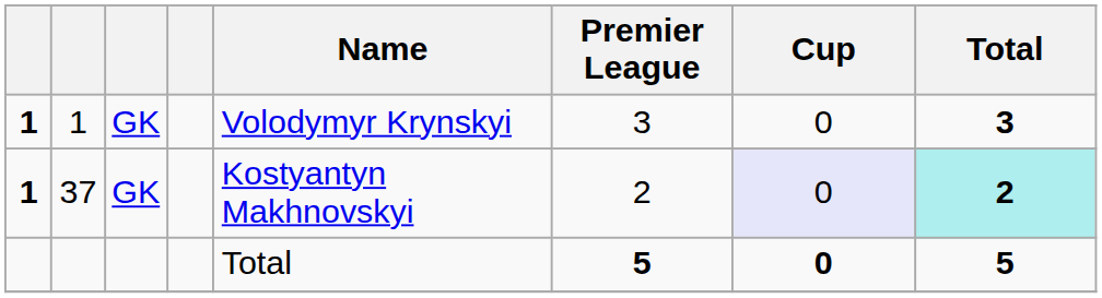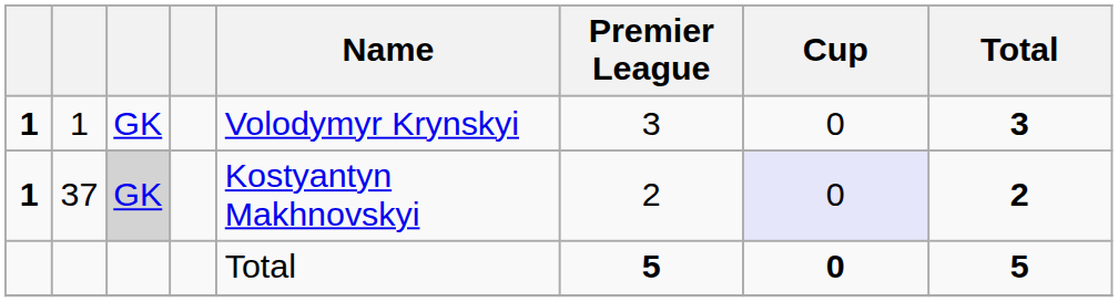 <table class="wikitable" style="text-align:center">
 <tr>
 <th width=15></th>
 <th width=15></th>
 <th width=15></th>
 <th width=15></th>
 <th width=155>Name</th>
 <th width=80><strong>Premier League</strong></th>
 <th width=80><strong>Cup</strong></th>
 <th width=80>Total</th>
 </tr>
 <tr>
 <td><strong>1</strong></td>
 <td>1</td>
 <td><a href='#'>GK</a></td>
 <td></td>
 <td align=left><a href='#'>Volodymyr Krynskyi</a></td>
 <td>3</td>
 <td>0</td>
 <td><strong>3</strong></td>
 </tr>
 <tr>
 <td><strong>1</strong></td>
 <td>37</td>
-<td><a href='#'>GK</a></td>
+<td style="background: lightgrey;"><a href='#'>GK</a></td>
 <td></td>
 <td align=left><a href='#'>Kostyantyn Makhnovskyi</a></td>
 <td>2</td>
 <td style="background: lavender;">0</td>
-<td style="background: paleturquoise;"><strong>2</strong></td>
+<td><strong>2</strong></td>
 </tr>
 <tr>
 <td></td>
 <td></td>
 <td></td>
 <td></td>
 <td align=left>Total</td>
 <td><strong>5</strong></td>
 <td><strong>0</strong></td>
 <td><strong>5</strong></td>
 </tr>
 <tr>
 </tr>
 </table>
